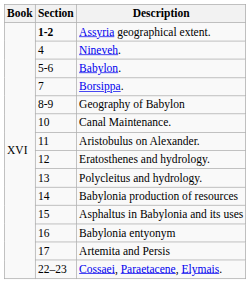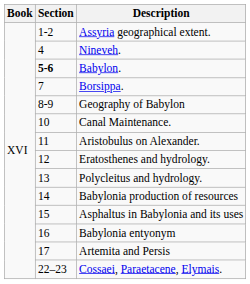 <table class="wikitable" style="max-width:45em;">
 <tr>
 <th>Book</th>
 <th>Section</th>
 <th>Description</th>
 </tr>
 <tr>
 <td rowspan="20">XVI</td>
-<td><strong>1-2</strong></td>
+<td>1-2</td>
 <td><a href='#'>Assyria</a> geographical extent.</td>
 </tr>
 <tr>
 <td>4</td>
 <td><a href='#'>Nineveh</a>.</td>
 </tr>
 <tr>
-<td>5-6</td>
+<td><strong>5-6</strong></td>
 <td><a href='#'>Babylon</a>.</td>
 </tr>
 <tr>
 <td>7</td>
 <td><a href='#'>Borsippa</a>.</td>
 </tr>
 <tr>
 <td>8-9</td>
 <td>Geography of Babylon</td>
 </tr>
 <tr>
 <td>10</td>
 <td>Canal Maintenance.</td>
 </tr>
 <tr>
 <td>11</td>
 <td>Aristobulus on Alexander.</td>
 </tr>
 <tr>
 <td>12</td>
 <td>Eratosthenes and hydrology.</td>
 </tr>
 <tr>
 <td>13</td>
 <td>Polycleitus and hydrology.</td>
 </tr>
 <tr>
 <td>14</td>
 <td>Babylonia production of resources</td>
 </tr>
 <tr>
 <td>15</td>
 <td>Asphaltus in Babylonia and its uses</td>
 </tr>
 <tr>
 <td>16</td>
 <td>Babylonia entyonym</td>
 </tr>
 <tr>
 <td>17</td>
 <td>Artemita and Persis</td>
 </tr>
 <tr>
 <td>22–23</td>
 <td><a href='#'>Cossaei</a>, <a href='#'>Paraetacene</a>, <a href='#'>Elymais</a>.</td>
 </tr>
 </table>
